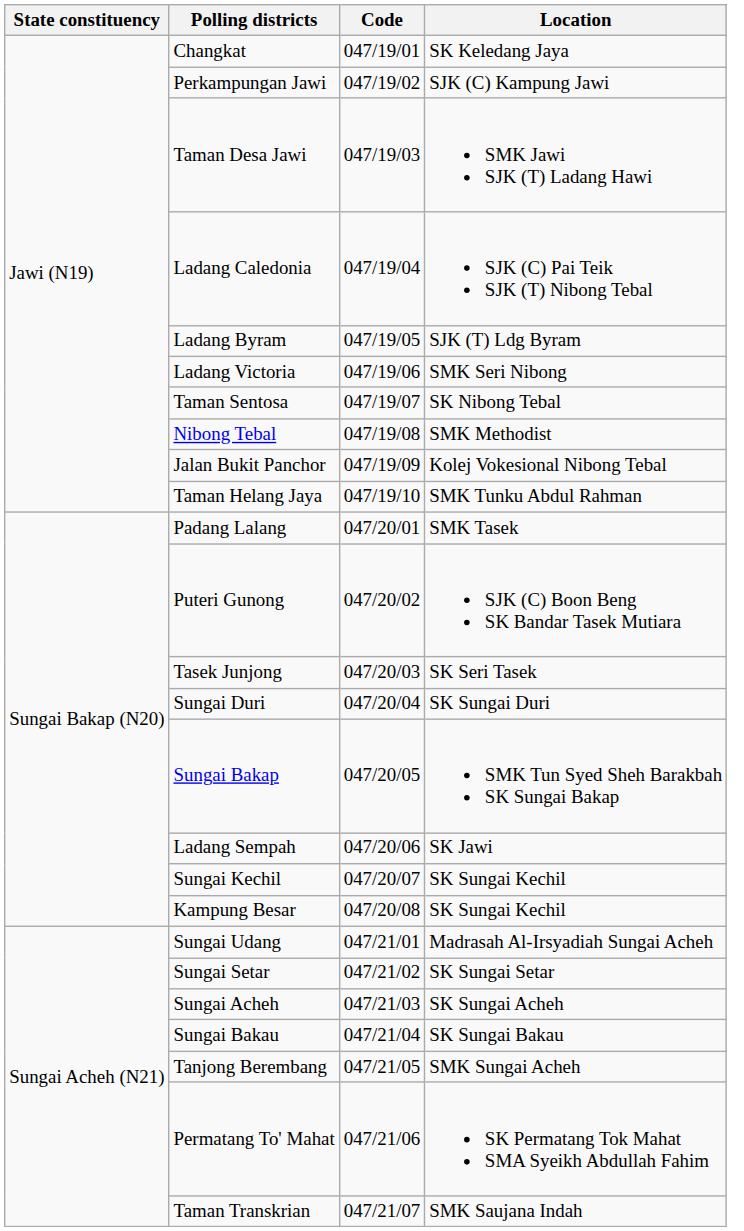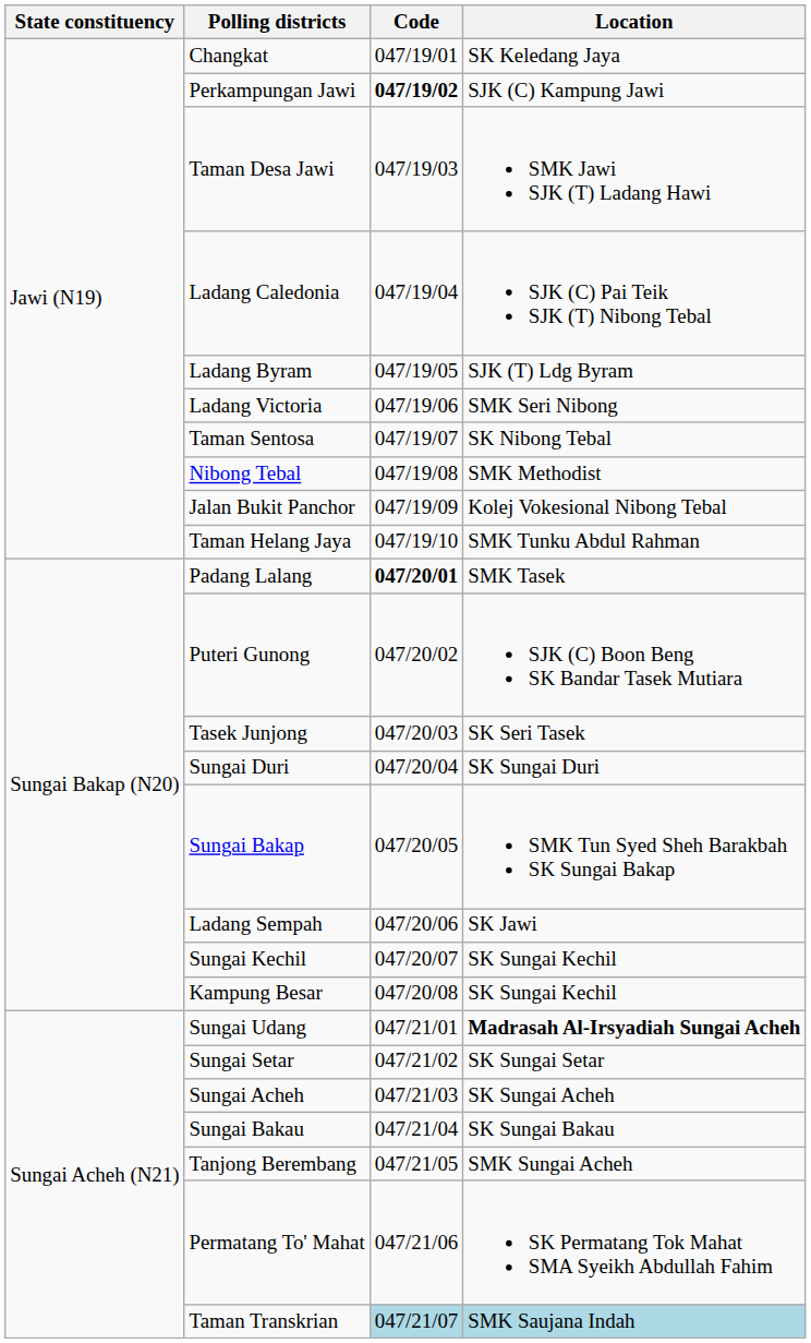 <table class="wikitable sortable mw-collapsible" style="white-space:nowrap;font-size:85%">
 <tr>
 <th>State constituency</th>
 <th>Polling districts</th>
 <th>Code</th>
 <th>Location</th>
 </tr>
 <tr>
 <td rowspan="10">Jawi (N19)</td>
 <td>Changkat</td>
 <td>047/19/01</td>
 <td>SK Keledang Jaya</td>
 </tr>
 <tr>
 <td>Perkampungan Jawi</td>
-<td>047/19/02</td>
+<td><strong>047/19/02</strong></td>
 <td>SJK (C) Kampung Jawi</td>
 </tr>
 <tr>
 <td>Taman Desa Jawi</td>
 <td>047/19/03</td>
 <td><br><ul><li>SMK Jawi</li><li>SJK (T) Ladang Hawi</li></ul></td>
 </tr>
 <tr>
 <td>Ladang Caledonia</td>
 <td>047/19/04</td>
 <td><br><ul><li>SJK (C) Pai Teik</li><li>SJK (T) Nibong Tebal</li></ul></td>
 </tr>
 <tr>
 <td>Ladang Byram</td>
 <td>047/19/05</td>
 <td>SJK (T) Ldg Byram</td>
 </tr>
 <tr>
 <td>Ladang Victoria</td>
 <td>047/19/06</td>
 <td>SMK Seri Nibong</td>
 </tr>
 <tr>
 <td>Taman Sentosa</td>
 <td>047/19/07</td>
 <td>SK Nibong Tebal</td>
 </tr>
 <tr>
 <td><a href='#'>Nibong Tebal</a></td>
 <td>047/19/08</td>
 <td>SMK Methodist</td>
 </tr>
 <tr>
 <td>Jalan Bukit Panchor</td>
 <td>047/19/09</td>
 <td>Kolej Vokesional Nibong Tebal</td>
 </tr>
 <tr>
 <td>Taman Helang Jaya</td>
 <td>047/19/10</td>
 <td>SMK Tunku Abdul Rahman</td>
 </tr>
 <tr>
 <td rowspan="8">Sungai Bakap (N20)</td>
 <td>Padang Lalang</td>
-<td>047/20/01</td>
+<td><strong>047/20/01</strong></td>
 <td>SMK Tasek</td>
 </tr>
 <tr>
 <td>Puteri Gunong</td>
 <td>047/20/02</td>
 <td><br><ul><li>SJK (C) Boon Beng</li><li>SK Bandar Tasek Mutiara</li></ul></td>
 </tr>
 <tr>
 <td>Tasek Junjong</td>
 <td>047/20/03</td>
 <td>SK Seri Tasek</td>
 </tr>
 <tr>
 <td>Sungai Duri</td>
 <td>047/20/04</td>
 <td>SK Sungai Duri</td>
 </tr>
 <tr>
 <td><a href='#'>Sungai Bakap</a></td>
 <td>047/20/05</td>
 <td><br><ul><li>SMK Tun Syed Sheh Barakbah</li><li>SK Sungai Bakap</li></ul></td>
 </tr>
 <tr>
 <td>Ladang Sempah</td>
 <td>047/20/06</td>
 <td>SK Jawi</td>
 </tr>
 <tr>
 <td>Sungai Kechil</td>
 <td>047/20/07</td>
 <td>SK Sungai Kechil</td>
 </tr>
 <tr>
 <td>Kampung Besar</td>
 <td>047/20/08</td>
 <td>SK Sungai Kechil</td>
 </tr>
 <tr>
 <td rowspan="7">Sungai Acheh (N21)</td>
 <td>Sungai Udang</td>
 <td>047/21/01</td>
-<td>Madrasah Al-Irsyadiah Sungai Acheh</td>
+<td><strong>Madrasah Al-Irsyadiah Sungai Acheh</strong></td>
 </tr>
 <tr>
 <td>Sungai Setar</td>
 <td>047/21/02</td>
 <td>SK Sungai Setar</td>
 </tr>
 <tr>
 <td>Sungai Acheh</td>
 <td>047/21/03</td>
 <td>SK Sungai Acheh</td>
 </tr>
 <tr>
 <td>Sungai Bakau</td>
 <td>047/21/04</td>
 <td>SK Sungai Bakau</td>
 </tr>
 <tr>
 <td>Tanjong Berembang</td>
 <td>047/21/05</td>
 <td>SMK Sungai Acheh</td>
 </tr>
 <tr>
 <td>Permatang To' Mahat</td>
 <td>047/21/06</td>
 <td><br><ul><li>SK Permatang Tok Mahat</li><li>SMA Syeikh Abdullah Fahim</li></ul></td>
 </tr>
 <tr>
 <td>Taman Transkrian</td>
-<td>047/21/07</td>
-<td>SMK Saujana Indah</td>
+<td style="background: lightblue;">047/21/07</td>
+<td style="background: lightblue;">SMK Saujana Indah</td>
 </tr>
 </table>
